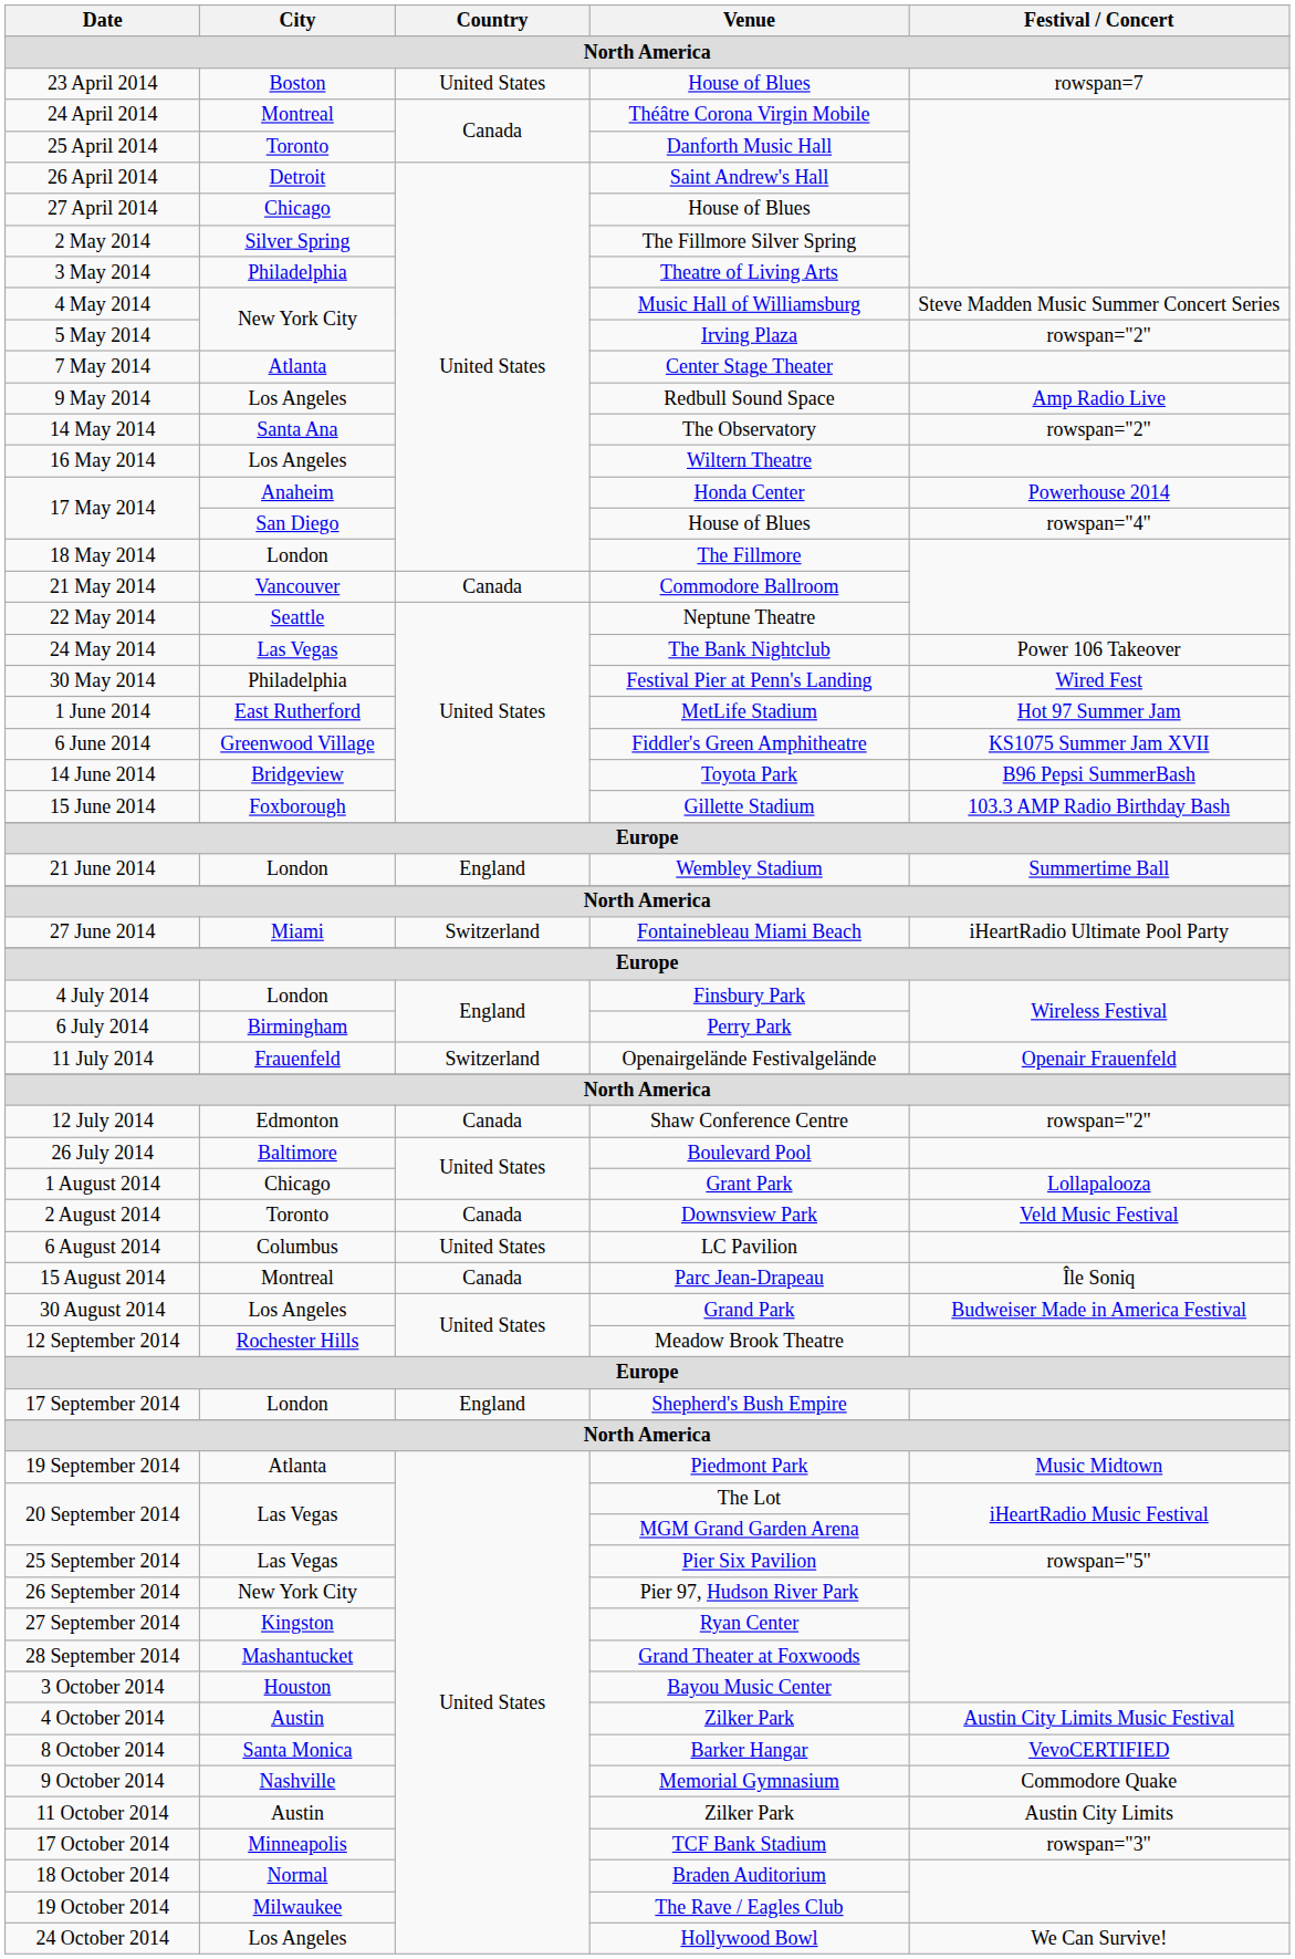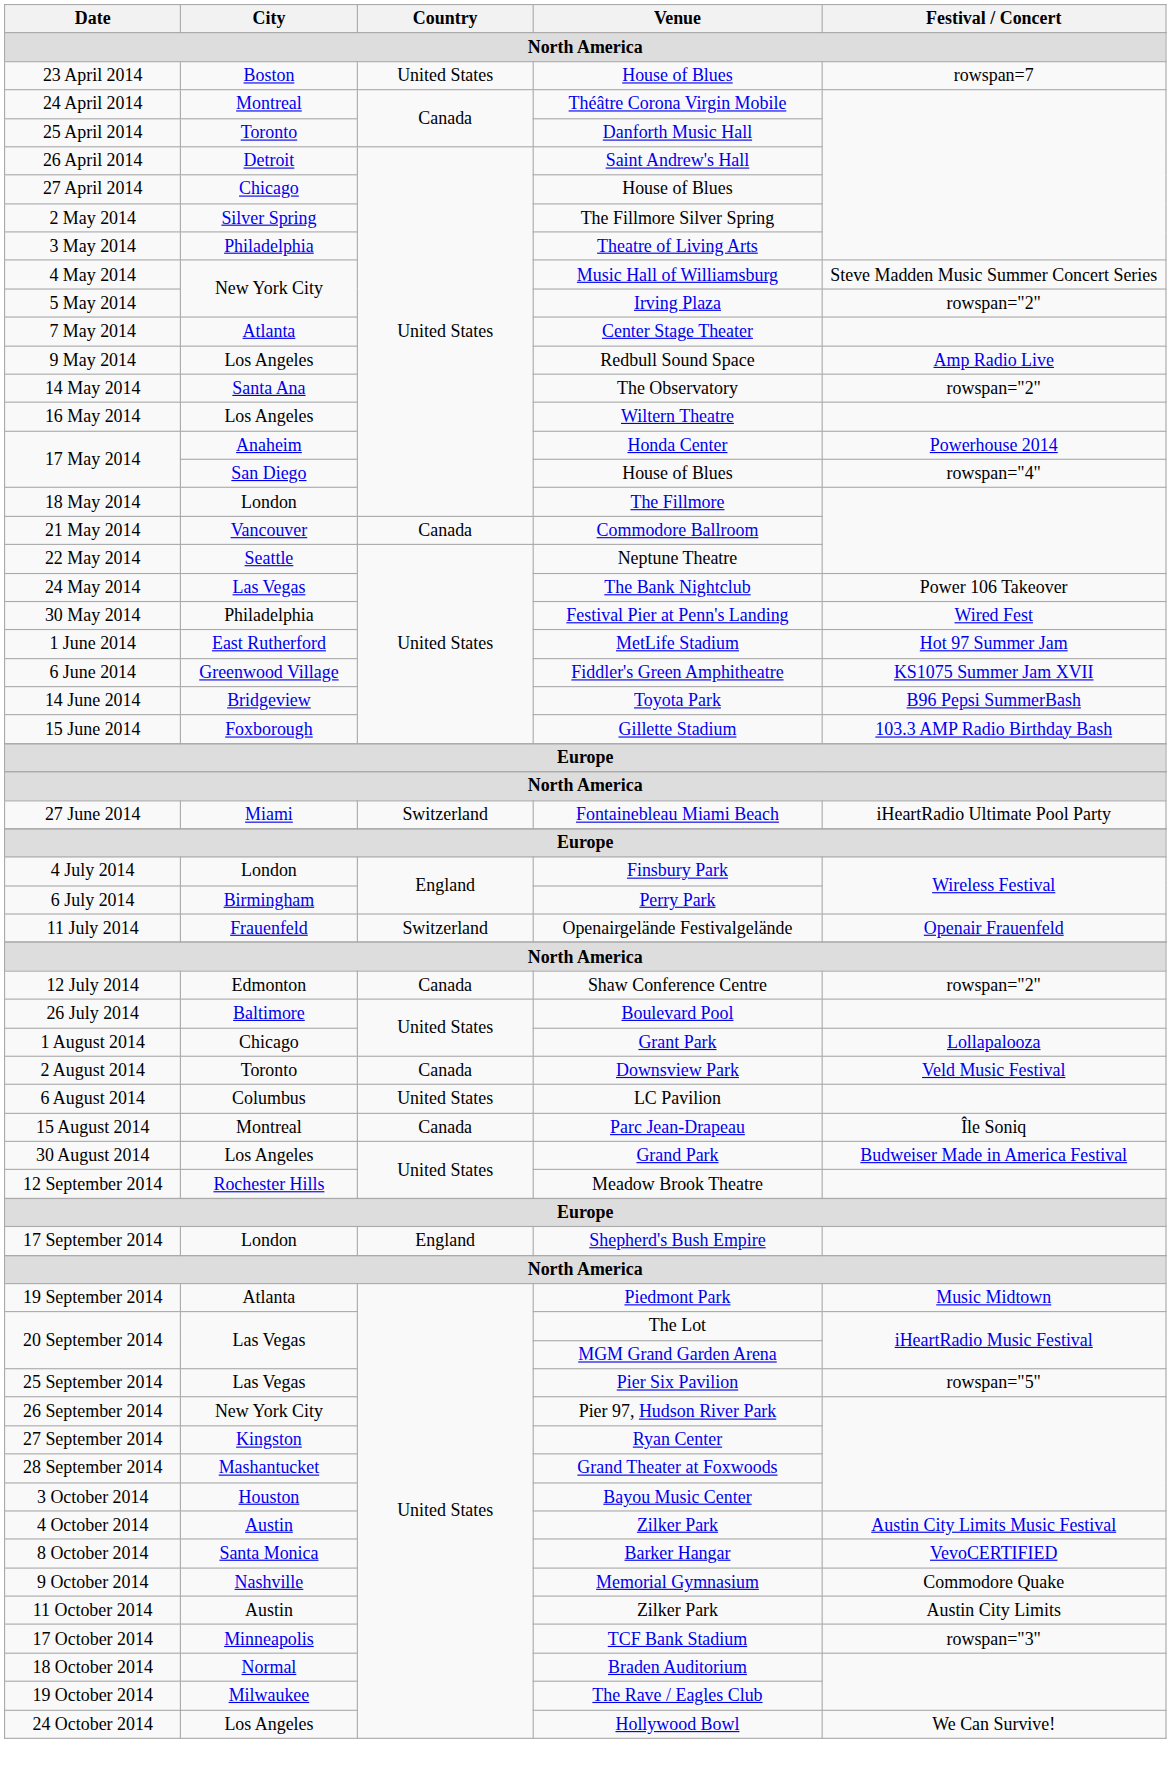 <table class="wikitable" style="text-align:center;">
 <tr>
 <th width="150">Date</th>
 <th width="150">City</th>
 <th width="150">Country</th>
 <th width="250">Venue</th>
 <th width="300">Festival / Concert</th>
 </tr>
 <tr>
 </tr>
 <tr style="background:#ddd;">
 <td colspan="5"><strong>North America</strong></td>
 </tr>
 <tr>
 <td>23 April 2014</td>
 <td><a href='#'>Boston</a></td>
 <td>United States</td>
 <td><a href='#'>House of Blues</a></td>
 <td>rowspan=7 </td>
 </tr>
 <tr>
 <td>24 April 2014</td>
 <td><a href='#'>Montreal</a></td>
 <td rowspan=2>Canada</td>
 <td><a href='#'>Théâtre Corona Virgin Mobile</a></td>
 </tr>
 <tr>
 <td>25 April 2014</td>
 <td><a href='#'>Toronto</a></td>
 <td><a href='#'>Danforth Music Hall</a></td>
 </tr>
 <tr>
 <td>26 April 2014</td>
 <td><a href='#'>Detroit</a></td>
 <td rowspan=13>United States</td>
 <td><a href='#'>Saint Andrew's Hall</a></td>
 </tr>
 <tr>
 <td>27 April 2014</td>
 <td><a href='#'>Chicago</a></td>
 <td>House of Blues</td>
 </tr>
 <tr>
 <td>2 May 2014</td>
 <td><a href='#'>Silver Spring</a></td>
 <td>The Fillmore Silver Spring</td>
 </tr>
 <tr>
 <td>3 May 2014</td>
 <td><a href='#'>Philadelphia</a></td>
 <td><a href='#'>Theatre of Living Arts</a></td>
 </tr>
 <tr>
 <td>4 May 2014</td>
 <td rowspan="2">New York City</td>
 <td><a href='#'>Music Hall of Williamsburg</a></td>
 <td>Steve Madden Music Summer Concert Series</td>
 </tr>
 <tr>
 <td>5 May 2014</td>
 <td><a href='#'>Irving Plaza</a></td>
 <td>rowspan="2" </td>
 </tr>
 <tr>
 <td>7 May 2014</td>
 <td><a href='#'>Atlanta</a></td>
 <td><a href='#'>Center Stage Theater</a></td>
 </tr>
 <tr>
 <td>9 May 2014</td>
 <td>Los Angeles</td>
 <td>Redbull Sound Space</td>
 <td><a href='#'>Amp Radio Live</a></td>
 </tr>
 <tr>
 <td>14 May 2014</td>
 <td><a href='#'>Santa Ana</a></td>
 <td>The Observatory</td>
 <td>rowspan="2" </td>
 </tr>
 <tr>
 <td>16 May 2014</td>
 <td>Los Angeles</td>
 <td><a href='#'>Wiltern Theatre</a></td>
 </tr>
 <tr>
 <td rowspan="2">17 May 2014</td>
 <td><a href='#'>Anaheim</a></td>
 <td><a href='#'>Honda Center</a></td>
 <td><a href='#'>Powerhouse 2014</a></td>
 </tr>
 <tr>
 <td><a href='#'>San Diego</a></td>
 <td>House of Blues</td>
 <td>rowspan="4" </td>
 </tr>
 <tr>
 <td>18 May 2014</td>
 <td>London</td>
 <td><a href='#'>The Fillmore</a></td>
 </tr>
 <tr>
 <td>21 May 2014</td>
 <td><a href='#'>Vancouver</a></td>
 <td>Canada</td>
 <td><a href='#'>Commodore Ballroom</a></td>
 </tr>
 <tr>
 <td>22 May 2014</td>
 <td><a href='#'>Seattle</a></td>
 <td rowspan="7">United States</td>
 <td>Neptune Theatre</td>
 </tr>
 <tr>
 <td>24 May 2014</td>
 <td><a href='#'>Las Vegas</a></td>
 <td><a href='#'>The Bank Nightclub</a></td>
 <td>Power 106 Takeover</td>
 </tr>
 <tr>
 <td>30 May 2014</td>
 <td>Philadelphia</td>
 <td><a href='#'>Festival Pier at Penn's Landing</a></td>
 <td><a href='#'>Wired Fest</a></td>
 </tr>
 <tr>
 <td>1 June 2014</td>
 <td><a href='#'>East Rutherford</a></td>
 <td><a href='#'>MetLife Stadium</a></td>
 <td><a href='#'>Hot 97 Summer Jam</a></td>
 </tr>
 <tr>
 <td>6 June 2014</td>
 <td><a href='#'>Greenwood Village</a></td>
 <td><a href='#'>Fiddler's Green Amphitheatre</a></td>
 <td><a href='#'>KS1075 Summer Jam XVII</a></td>
 </tr>
 <tr>
 <td>14 June 2014</td>
 <td><a href='#'>Bridgeview</a></td>
 <td><a href='#'>Toyota Park</a></td>
 <td><a href='#'>B96 Pepsi SummerBash</a></td>
 </tr>
 <tr>
 <td>15 June 2014</td>
 <td><a href='#'>Foxborough</a></td>
 <td><a href='#'>Gillette Stadium</a></td>
 <td><a href='#'>103.3 AMP Radio Birthday Bash</a></td>
 </tr>
 <tr>
 </tr>
 <tr style="background:#ddd;">
 <td colspan="5"><strong>Europe</strong></td>
-</tr>
-<tr>
-<td>21 June 2014</td>
-<td>London</td>
-<td>England</td>
-<td><a href='#'>Wembley Stadium</a></td>
-<td><a href='#'>Summertime Ball</a></td>
 </tr>
 <tr>
 </tr>
 <tr style="background:#ddd;">
 <td colspan="5"><strong>North America</strong></td>
 </tr>
 <tr>
 <td>27 June 2014</td>
 <td><a href='#'>Miami</a></td>
 <td>Switzerland</td>
 <td><a href='#'>Fontainebleau Miami Beach</a></td>
 <td>iHeartRadio Ultimate Pool Party</td>
 </tr>
 <tr>
 </tr>
 <tr style="background:#ddd;">
 <td colspan="5"><strong>Europe</strong></td>
 </tr>
 <tr>
 <td>4 July 2014</td>
 <td>London</td>
 <td rowspan="2">England</td>
 <td><a href='#'>Finsbury Park</a></td>
 <td rowspan="2"><a href='#'>Wireless Festival</a></td>
 </tr>
 <tr>
 <td>6 July 2014</td>
 <td><a href='#'>Birmingham</a></td>
 <td><a href='#'>Perry Park</a></td>
 </tr>
 <tr>
 <td>11 July 2014</td>
 <td><a href='#'>Frauenfeld</a></td>
 <td>Switzerland</td>
 <td>Openairgelände Festivalgelände</td>
 <td><a href='#'>Openair Frauenfeld</a></td>
 </tr>
 <tr>
 </tr>
 <tr style="background:#ddd;">
 <td colspan="5"><strong>North America</strong></td>
 </tr>
 <tr>
 <td>12 July 2014</td>
 <td>Edmonton</td>
 <td>Canada</td>
 <td>Shaw Conference Centre</td>
 <td>rowspan="2" </td>
 </tr>
 <tr>
 <td>26 July 2014</td>
 <td><a href='#'>Baltimore</a></td>
 <td rowspan="2">United States</td>
 <td><a href='#'>Boulevard Pool</a></td>
 </tr>
 <tr>
 <td>1 August 2014</td>
 <td>Chicago</td>
 <td><a href='#'>Grant Park</a></td>
 <td><a href='#'>Lollapalooza</a></td>
 </tr>
 <tr>
 <td>2 August 2014</td>
 <td>Toronto</td>
 <td>Canada</td>
 <td><a href='#'>Downsview Park</a></td>
 <td><a href='#'>Veld Music Festival</a></td>
 </tr>
 <tr>
 <td>6 August 2014</td>
 <td>Columbus</td>
 <td>United States</td>
 <td>LC Pavilion</td>
 <td></td>
 </tr>
 <tr>
 <td>15 August 2014</td>
 <td>Montreal</td>
 <td>Canada</td>
 <td><a href='#'>Parc Jean-Drapeau</a></td>
 <td>Île Soniq</td>
 </tr>
 <tr>
 <td>30 August 2014</td>
 <td>Los Angeles</td>
 <td rowspan="2">United States</td>
 <td><a href='#'>Grand Park</a></td>
 <td><a href='#'>Budweiser Made in America Festival</a></td>
 </tr>
 <tr>
 <td>12 September 2014</td>
 <td><a href='#'>Rochester Hills</a></td>
 <td>Meadow Brook Theatre</td>
 <td></td>
 </tr>
 <tr>
 </tr>
 <tr style="background:#ddd;">
 <td colspan="5"><strong>Europe</strong></td>
 </tr>
 <tr>
 <td>17 September 2014</td>
 <td>London</td>
 <td>England</td>
 <td><a href='#'>Shepherd's Bush Empire</a></td>
 <td></td>
 </tr>
 <tr>
 </tr>
 <tr style="background:#ddd;">
 <td colspan="5"><strong>North America</strong></td>
 </tr>
 <tr>
 <td>19 September 2014</td>
 <td>Atlanta</td>
 <td rowspan="16">United States</td>
 <td><a href='#'>Piedmont Park</a></td>
 <td><a href='#'>Music Midtown</a></td>
 </tr>
 <tr>
 <td rowspan="2">20 September 2014</td>
 <td rowspan="2">Las Vegas</td>
 <td>The Lot</td>
 <td rowspan="2"><a href='#'>iHeartRadio Music Festival</a></td>
 </tr>
 <tr>
 <td><a href='#'>MGM Grand Garden Arena</a></td>
 </tr>
 <tr>
 <td>25 September 2014</td>
 <td>Las Vegas</td>
 <td><a href='#'>Pier Six Pavilion</a></td>
 <td>rowspan="5" </td>
 </tr>
 <tr>
 <td>26 September 2014</td>
 <td>New York City</td>
 <td>Pier 97, <a href='#'>Hudson River Park</a></td>
 </tr>
 <tr>
 <td>27 September 2014</td>
 <td><a href='#'>Kingston</a></td>
 <td><a href='#'>Ryan Center</a></td>
 </tr>
 <tr>
 <td>28 September 2014</td>
 <td><a href='#'>Mashantucket</a></td>
 <td><a href='#'>Grand Theater at Foxwoods</a></td>
 </tr>
 <tr>
 <td>3 October 2014</td>
 <td><a href='#'>Houston</a></td>
 <td><a href='#'>Bayou Music Center</a></td>
 </tr>
 <tr>
 <td>4 October 2014</td>
 <td><a href='#'>Austin</a></td>
 <td><a href='#'>Zilker Park</a></td>
 <td><a href='#'>Austin City Limits Music Festival</a></td>
 </tr>
 <tr>
 <td>8 October 2014</td>
 <td><a href='#'>Santa Monica</a></td>
 <td><a href='#'>Barker Hangar</a></td>
 <td><a href='#'>VevoCERTIFIED</a></td>
 </tr>
 <tr>
 <td>9 October 2014</td>
 <td><a href='#'>Nashville</a></td>
 <td><a href='#'>Memorial Gymnasium</a></td>
 <td>Commodore Quake</td>
 </tr>
 <tr>
 <td>11 October 2014</td>
 <td>Austin</td>
 <td>Zilker Park</td>
 <td>Austin City Limits</td>
 </tr>
 <tr>
 <td>17 October 2014</td>
 <td><a href='#'>Minneapolis</a></td>
 <td><a href='#'>TCF Bank Stadium</a></td>
 <td>rowspan="3" </td>
 </tr>
 <tr>
 <td>18 October 2014</td>
 <td><a href='#'>Normal</a></td>
 <td><a href='#'>Braden Auditorium</a></td>
 </tr>
 <tr>
 <td>19 October 2014</td>
 <td><a href='#'>Milwaukee</a></td>
 <td><a href='#'>The Rave / Eagles Club</a></td>
 </tr>
 <tr>
 <td>24 October 2014</td>
 <td>Los Angeles</td>
 <td><a href='#'>Hollywood Bowl</a></td>
 <td>We Can Survive!</td>
 </tr>
 </table>
